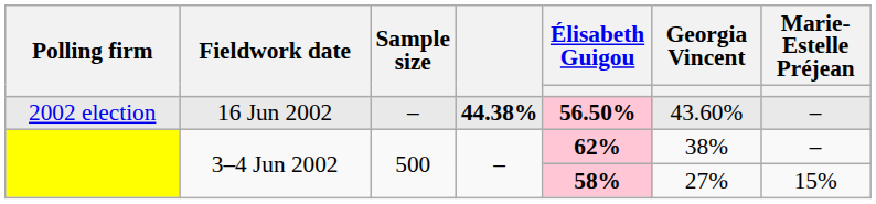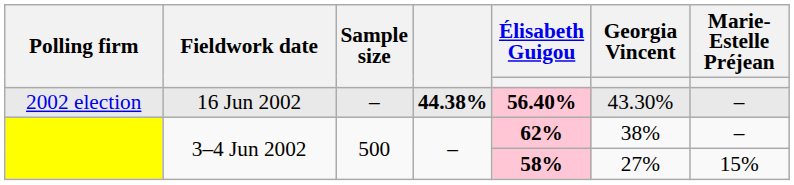 <table class="wikitable sortable" style="text-align:center;font-size:90%;line-height:14px;">
 <tr style="height:40px;">
 <th style="width:100px;" rowspan="2">Polling firm</th>
 <th style="width:110px;" rowspan="2">Fieldwork date</th>
 <th style="width:35px;" rowspan="2">Sample<br>size</th>
 <th style="width:30px;" rowspan="2"></th>
 <th class="unsortable" style="width:60px;"><a href='#'>Élisabeth Guigou</a><br></th>
 <th class="unsortable" style="width:60px;">Georgia Vincent<br></th>
 <th class="unsortable" style="width:60px;">Marie-Estelle Préjean<br></th>
 </tr>
 <tr>
 <th style="background:"></th>
 <th style="background:"></th>
 <th style="background:"></th>
 </tr>
 <tr style="background:#E9E9E9;">
 <td><a href='#'>2002 election</a></td>
 <td data-sort-value="2002-06-16">16 Jun 2002</td>
 <td>–</td>
 <td><strong>44.38%</strong></td>
-<td style="background:#FFC6D5;"><strong>56.50%</strong></td>
-<td>43.60%</td>
+<td style="background:#FFC6D5;"><strong>56.40%</strong></td>
+<td>43.30%</td>
 <td>–</td>
 </tr>
 <tr>
 <td rowspan="2" style="background:yellow;"></td>
 <td rowspan="2" data-sort-value="2002-06-04">3–4 Jun 2002</td>
 <td rowspan="2">500</td>
 <td rowspan="2">–</td>
 <td style="background:#FFC6D5;"><strong>62%</strong></td>
 <td>38%</td>
 <td>–</td>
 </tr>
 <tr>
 <td style="background:#FFC6D5;"><strong>58%</strong></td>
 <td>27%</td>
 <td>15%</td>
 </tr>
 </table>
